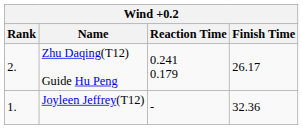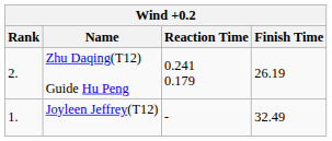 <table class="wikitable">
 <tr>
 <th colspan="4">Wind +0.2</th>
 </tr>
 <tr>
 <th>Rank</th>
 <th>Name</th>
 <th>Reaction Time</th>
 <th>Finish Time</th>
 </tr>
 <tr>
 <td>2.</td>
 <td><a href='#'>Zhu Daqing</a>(T12)<br><br>Guide <a href='#'>Hu Peng</a><br> </td>
 <td>0.241<br>0.179</td>
-<td>26.17</td>
+<td>26.19</td>
 </tr>
 <tr>
 <td>1.</td>
 <td><a href='#'>Joyleen Jeffrey</a>(T12)<br><br></td>
 <td>-</td>
-<td>32.36</td>
+<td>32.49</td>
 </tr>
 </table>
